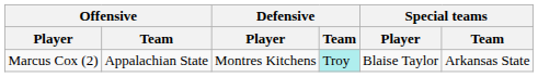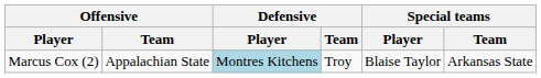 <table class="wikitable">
 <tr>
 <th colspan="2">Offensive</th>
 <th colspan="2">Defensive</th>
 <th colspan="2">Special teams</th>
 </tr>
 <tr>
 <th>Player</th>
 <th>Team</th>
 <th>Player</th>
 <th>Team</th>
 <th>Player</th>
 <th>Team</th>
 </tr>
 <tr>
 <td>Marcus Cox (2)</td>
 <td>Appalachian State</td>
-<td>Montres Kitchens</td>
-<td style="background: paleturquoise;">Troy</td>
+<td style="background: lightblue;">Montres Kitchens</td>
+<td>Troy</td>
 <td>Blaise Taylor</td>
 <td>Arkansas State</td>
 </tr>
 </table>
